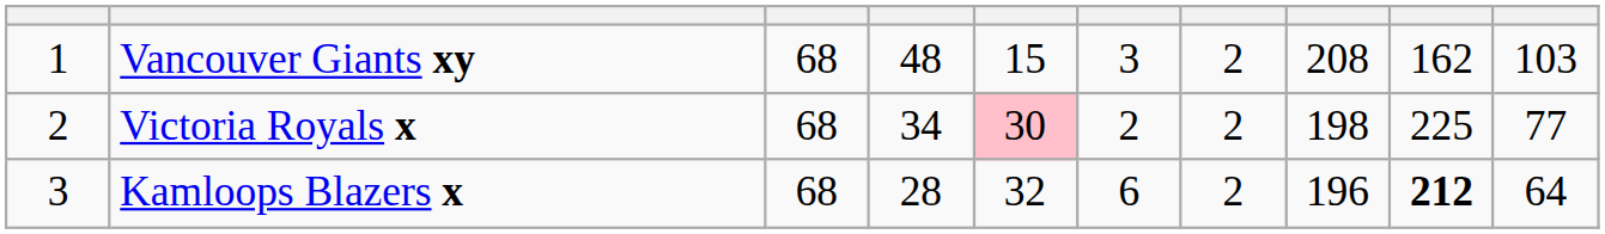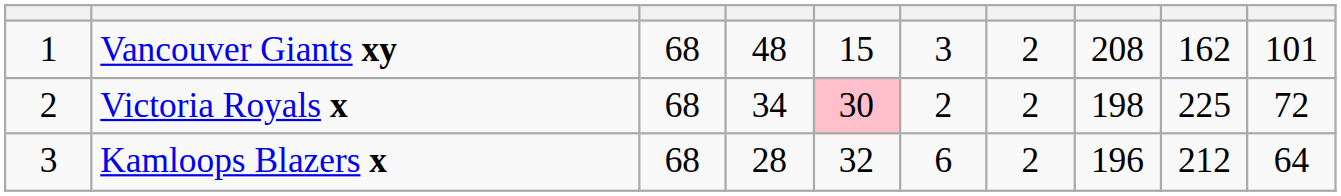 <table class="wikitable sortable">
 <tr>
 <th style="width:2em"></th>
 <th style="width:15em;" class="unsortable"></th>
 <th style="width:2em;"></th>
 <th style="width:2em;"></th>
 <th style="width:2em;"></th>
 <th style="width:2em;"></th>
 <th style="width:2em;"></th>
 <th style="width:2em;"></th>
 <th style="width:2em;"></th>
 <th style="width:2em;"></th>
 </tr>
 <tr style="font-weight: ; text-align: center;">
 <td>1</td>
 <td style="text-align:left;"><a href='#'>Vancouver Giants</a> <strong>xy</strong></td>
 <td>68</td>
 <td>48</td>
 <td>15</td>
 <td>3</td>
 <td>2</td>
 <td>208</td>
 <td>162</td>
-<td>103</td>
+<td>101</td>
 </tr>
 <tr style="font-weight: ; text-align: center;">
 <td>2</td>
 <td style="text-align:left;"><a href='#'>Victoria Royals</a> <strong>x</strong></td>
 <td>68</td>
 <td>34</td>
 <td style="background: pink;">30</td>
 <td>2</td>
 <td>2</td>
 <td>198</td>
 <td>225</td>
-<td>77</td>
+<td>72</td>
 </tr>
 <tr style="text-align: center;">
 <td>3</td>
 <td style="text-align:left;"><a href='#'>Kamloops Blazers</a> <strong>x</strong></td>
 <td>68</td>
 <td>28</td>
 <td>32</td>
 <td>6</td>
 <td>2</td>
 <td>196</td>
-<td><strong>212</strong></td>
+<td>212</td>
 <td>64</td>
 </tr>
 </table>
